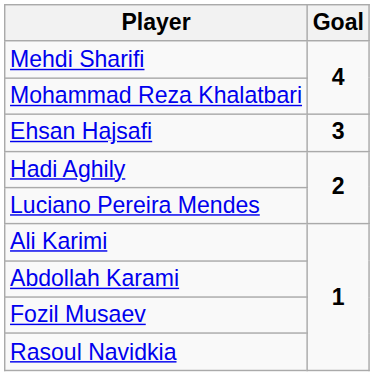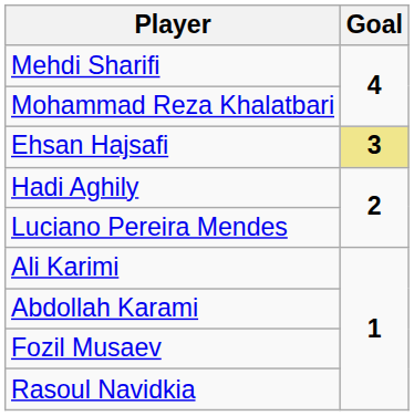 <table class="wikitable">
 <tr>
 <th>Player</th>
 <th>Goal</th>
 </tr>
 <tr>
 <td> <a href='#'>Mehdi Sharifi</a></td>
 <td rowspan="2" style="text-align:center;"><strong>4</strong></td>
 </tr>
 <tr>
 <td> <a href='#'>Mohammad Reza Khalatbari</a></td>
 </tr>
 <tr>
 <td> <a href='#'>Ehsan Hajsafi</a></td>
-<td style="text-align:center;"><strong>3</strong></td>
+<td style="background: khaki; text-align:center;"><strong>3</strong></td>
 </tr>
 <tr>
 <td> <a href='#'>Hadi Aghily</a></td>
 <td rowspan="2" style="text-align:center;"><strong>2</strong></td>
 </tr>
 <tr>
 <td> <a href='#'>Luciano Pereira Mendes</a></td>
 </tr>
 <tr>
 <td> <a href='#'>Ali Karimi</a></td>
 <td rowspan="4" style="text-align:center;"><strong>1</strong></td>
 </tr>
 <tr>
 <td> <a href='#'>Abdollah Karami</a></td>
 </tr>
 <tr>
 <td> <a href='#'>Fozil Musaev</a></td>
 </tr>
 <tr>
 <td> <a href='#'>Rasoul Navidkia</a></td>
 </tr>
 </table>
